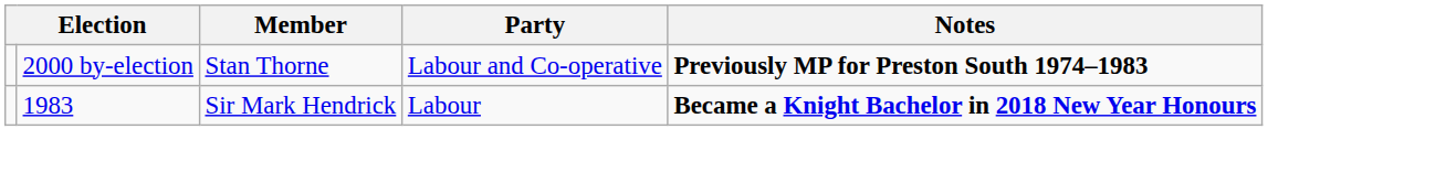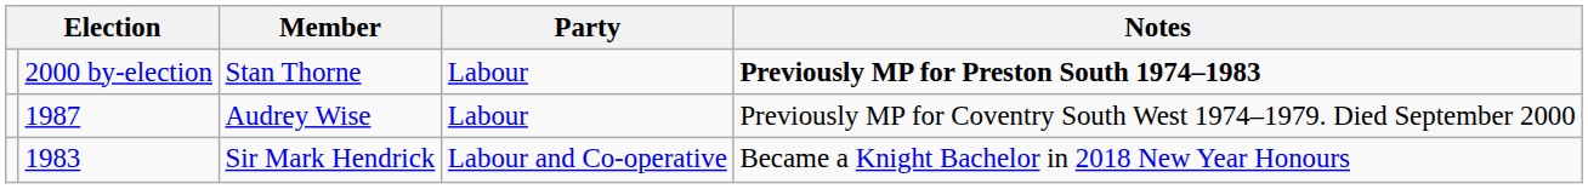 <table class="wikitable">
 <tr>
 <th colspan="2">Election</th>
 <th>Member</th>
 <th>Party</th>
 <th>Notes</th>
 </tr>
 <tr>
 <td style="color:inherit;background-color: "></td>
 <td><a href='#'>2000 by-election</a></td>
 <td><a href='#'>Stan Thorne</a></td>
-<td><a href='#'>Labour and Co-operative</a></td>
+<td><a href='#'>Labour</a></td>
 <td><strong>Previously MP for Preston South 1974–1983</strong></td>
+</tr>
+<tr>
+<td style="color:inherit;background-color: "></td>
+<td><a href='#'>1987</a></td>
+<td><a href='#'>Audrey Wise</a></td>
+<td><a href='#'>Labour</a></td>
+<td>Previously MP for Coventry South West 1974–1979. Died September 2000</td>
 </tr>
 <tr>
 <td style="color:inherit;background-color: "></td>
 <td><a href='#'>1983</a></td>
 <td><a href='#'>Sir Mark Hendrick</a></td>
-<td><a href='#'>Labour</a></td>
-<td><strong>Became a <a href='#'>Knight Bachelor</a> in <a href='#'>2018 New Year Honours</a></strong></td>
+<td><a href='#'>Labour and Co-operative</a></td>
+<td>Became a <a href='#'>Knight Bachelor</a> in <a href='#'>2018 New Year Honours</a></td>
 </tr>
 </table>
